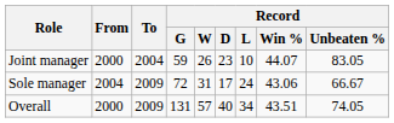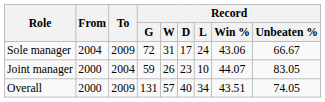 <table class="wikitable" style="text-align: center">
 <tr>
 <th rowspan="2">Role</th>
 <th rowspan="2">From</th>
 <th rowspan="2">To</th>
 <th colspan="6">Record</th>
 </tr>
 <tr>
 <th>G</th>
 <th>W</th>
 <th>D</th>
 <th>L</th>
 <th>Win %</th>
 <th>Unbeaten %</th>
 </tr>
 <tr>
+<td align=left>Sole manager</td>
+<td align=left>2004</td>
+<td align=left>2009</td>
+<td>72</td>
+<td>31</td>
+<td>17</td>
+<td>24</td>
+<td>43.06</td>
+<td>66.67</td>
+</tr>
+<tr>
 <td align=left>Joint manager</td>
 <td align=left>2000</td>
 <td align=left>2004</td>
 <td>59</td>
 <td>26</td>
 <td>23</td>
 <td>10</td>
 <td>44.07</td>
 <td>83.05</td>
-</tr>
-<tr>
-<td align=left>Sole manager</td>
-<td align=left>2004</td>
-<td align=left>2009</td>
-<td>72</td>
-<td>31</td>
-<td>17</td>
-<td>24</td>
-<td>43.06</td>
-<td>66.67</td>
 </tr>
 <tr>
 <td align=left>Overall</td>
 <td align=left>2000</td>
 <td align=left>2009</td>
 <td>131</td>
 <td>57</td>
 <td>40</td>
 <td>34</td>
 <td>43.51</td>
 <td>74.05</td>
 </tr>
 </table>
